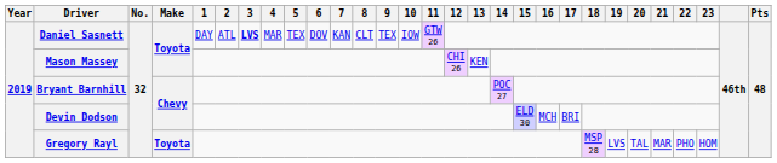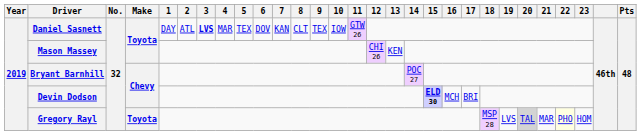 <table class="wikitable" style="text-align:center; font-size:75%">
 <tr>
 <th>Year</th>
 <th>Driver</th>
 <th>No.</th>
 <th>Make</th>
 <th>1</th>
 <th>2</th>
 <th>3</th>
 <th>4</th>
 <th>5</th>
 <th>6</th>
 <th>7</th>
 <th>8</th>
 <th>9</th>
 <th>10</th>
 <th>11</th>
 <th>12</th>
 <th>13</th>
 <th>14</th>
 <th>15</th>
 <th>16</th>
 <th>17</th>
 <th>18</th>
 <th>19</th>
 <th>20</th>
 <th>21</th>
 <th>22</th>
 <th>23</th>
 <th></th>
 <th>Pts</th>
 </tr>
 <tr>
 <th rowspan=5><a href='#'>2019</a></th>
 <th><a href='#'>Daniel Sasnett</a></th>
 <th rowspan=5>32</th>
 <th rowspan=2><a href='#'>Toyota</a></th>
 <td><a href='#'>DAY</a></td>
 <td><a href='#'>ATL</a></td>
 <td><strong><a href='#'>LVS</a></strong></td>
 <td><a href='#'>MAR</a></td>
 <td><a href='#'>TEX</a></td>
 <td><a href='#'>DOV</a></td>
 <td><a href='#'>KAN</a></td>
 <td><a href='#'>CLT</a></td>
 <td><a href='#'>TEX</a></td>
 <td><a href='#'>IOW</a></td>
 <td style="background:#EFCFFF;"><a href='#'>GTW</a><br><small>26</small></td>
 <td colspan=12></td>
 <th rowspan=5>46th</th>
 <th rowspan=5>48</th>
 </tr>
 <tr>
 <th><a href='#'>Mason Massey</a></th>
 <td colspan=11></td>
 <td style="background:#EFCFFF;"><a href='#'>CHI</a><br><small>26</small></td>
 <td><a href='#'>KEN</a></td>
 <td colspan=10></td>
 </tr>
 <tr>
 <th><a href='#'>Bryant Barnhill</a></th>
 <th rowspan=2><a href='#'>Chevy</a></th>
 <td colspan=13></td>
 <td style="background:#EFCFFF;"><a href='#'>POC</a><br><small>27</small></td>
 <td colspan=9></td>
 </tr>
 <tr>
 <th><a href='#'>Devin Dodson</a></th>
 <td colspan=14></td>
-<td style="background-color:#CFCFFF"><a href='#'>ELD</a><br><small>30</small></td>
+<td style="background-color:#CFCFFF"><strong><a href='#'>ELD</a><br><small>30</small></strong></td>
 <td><a href='#'>MCH</a></td>
 <td><a href='#'>BRI</a></td>
 <td colspan=6></td>
 </tr>
 <tr>
 <th><a href='#'>Gregory Rayl</a></th>
 <th><a href='#'>Toyota</a></th>
 <td colspan=17></td>
 <td style="background:#EFCFFF;"><a href='#'>MSP</a><br><small>28</small></td>
 <td><a href='#'>LVS</a></td>
-<td><a href='#'>TAL</a></td>
+<td style="background: lightgrey;"><a href='#'>TAL</a></td>
 <td><a href='#'>MAR</a></td>
-<td><a href='#'>PHO</a></td>
+<td style="background: lightyellow;"><a href='#'>PHO</a></td>
 <td><a href='#'>HOM</a></td>
 </tr>
 </table>
